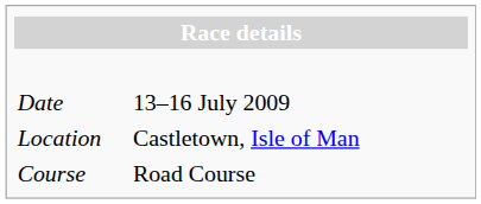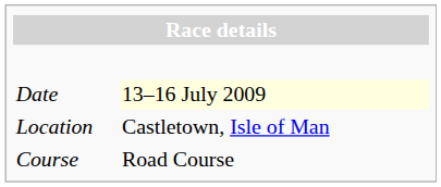 <table class="infobox" align="right" cellpadding="2" style="float:right; width: 20em;">
 <tr>
 </tr>
 <tr>
 <th colspan="3" style="background:lightgrey; color:#ffffff;">Race details</th>
 </tr>
 <tr>
 <td colspan="3" style="text-align:center;"><br></td>
 </tr>
 <tr>
 <td style="width: 25%;"><em>Date</em></td>
-<td>13–16 July 2009</td>
+<td style="background: lightyellow;">13–16 July 2009</td>
 </tr>
 <tr>
 <td><em>Location</em></td>
 <td colspan=3>Castletown, <a href='#'>Isle of Man</a></td>
 </tr>
 <tr>
 <td><em>Course</em></td>
 <td colspan=3>Road Course <br> </td>
 </tr>
 </table>
